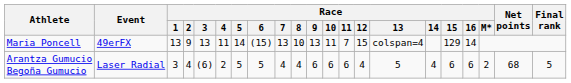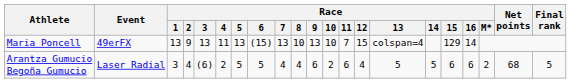 <table class="wikitable" style="font-size:90%">
 <tr>
 <th rowspan=2>Athlete</th>
 <th rowspan=2>Event</th>
 <th colspan=17>Race</th>
 <th rowspan=2>Net<br>points</th>
 <th rowspan=2>Final<br>rank</th>
 </tr>
 <tr style="font-size:95%">
 <th>1</th>
 <th>2</th>
 <th>3</th>
 <th>4</th>
 <th>5</th>
 <th>6</th>
 <th>7</th>
 <th>8</th>
 <th>9</th>
 <th>10</th>
 <th>11</th>
 <th>12</th>
 <th>13</th>
 <th>14</th>
 <th>15</th>
 <th>16</th>
 <th>M*</th>
 </tr>
 <tr align=center>
 <td align=left><a href='#'>Maria Poncell</a></td>
 <td align=left><a href='#'>49erFX</a></td>
 <td>13</td>
 <td>9</td>
 <td>13</td>
 <td>11</td>
-<td>14</td>
+<td>13</td>
 <td>(15)</td>
 <td>13</td>
 <td>10</td>
 <td>13</td>
-<td>11</td>
+<td>10</td>
 <td>7</td>
 <td>15</td>
 <td>colspan=4 </td>
 <td></td>
 <td>129</td>
 <td>14</td>
 </tr>
 <tr align=center>
 <td align=left><a href='#'>Arantza Gumucio</a><br><a href='#'>Begoña Gumucio</a></td>
 <td align=left><a href='#'>Laser Radial</a></td>
 <td>3</td>
 <td>4</td>
 <td>(6)</td>
 <td>2</td>
 <td>5</td>
 <td>5</td>
 <td>4</td>
 <td>4</td>
 <td>6</td>
-<td>6</td>
+<td>2</td>
 <td>6</td>
 <td>4</td>
 <td>5</td>
-<td>4</td>
+<td>5</td>
 <td>6</td>
 <td>6</td>
 <td>2</td>
 <td>68</td>
 <td>5</td>
 </tr>
 </table>
